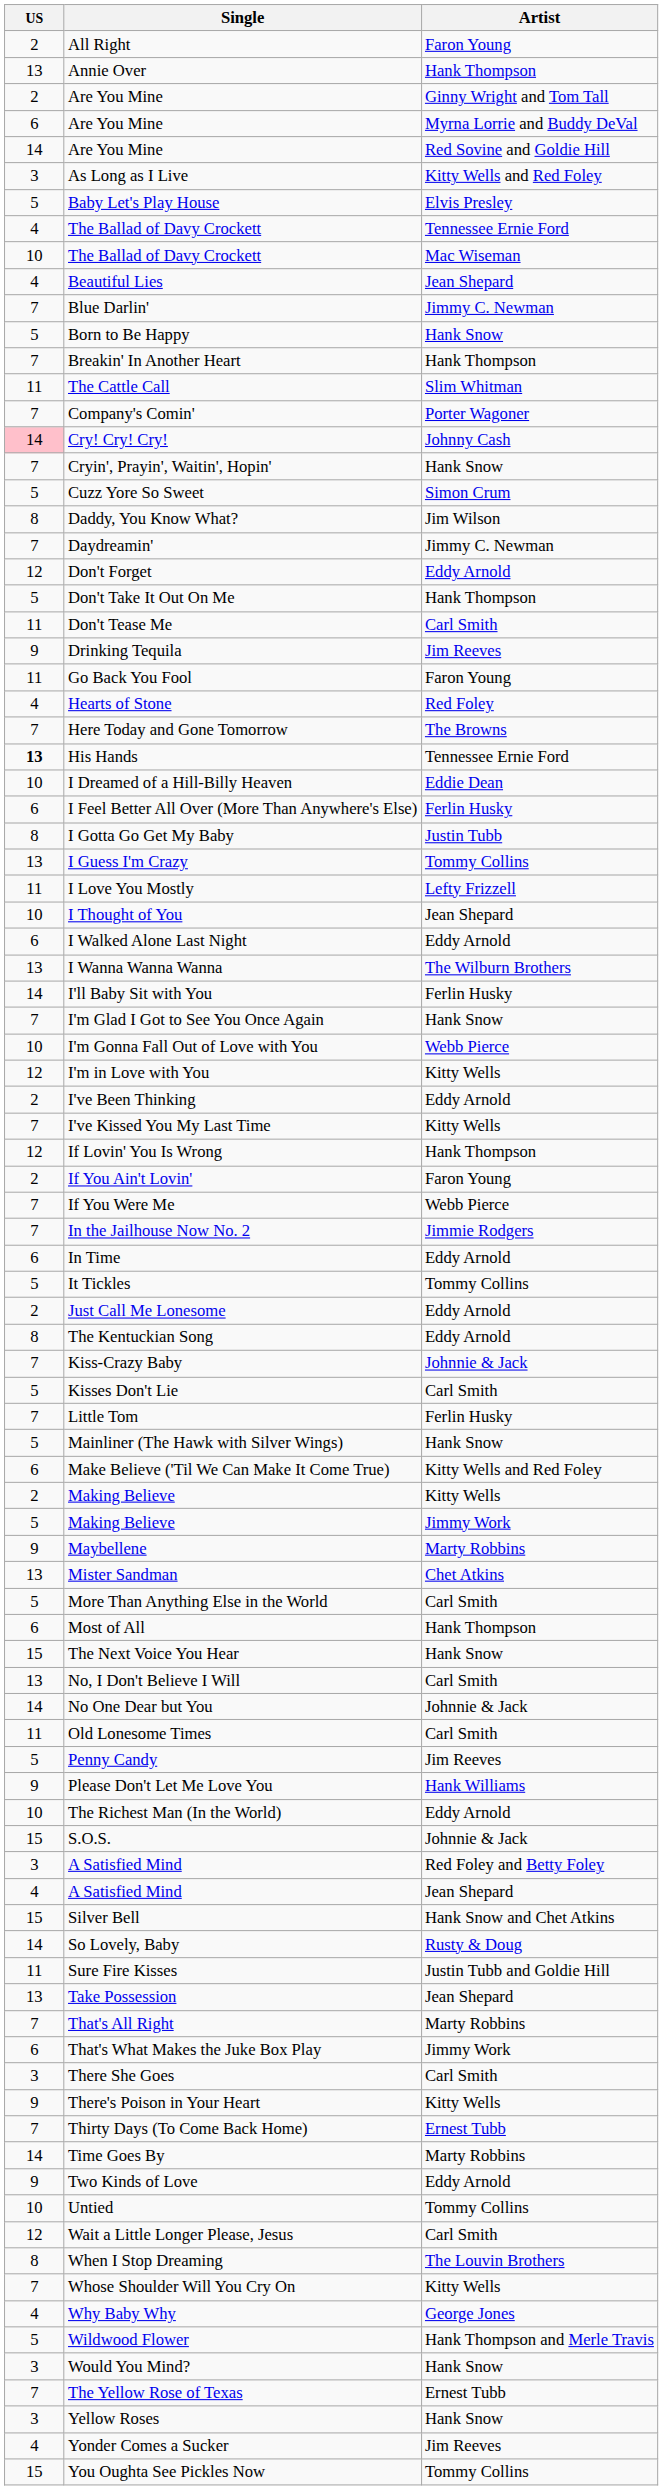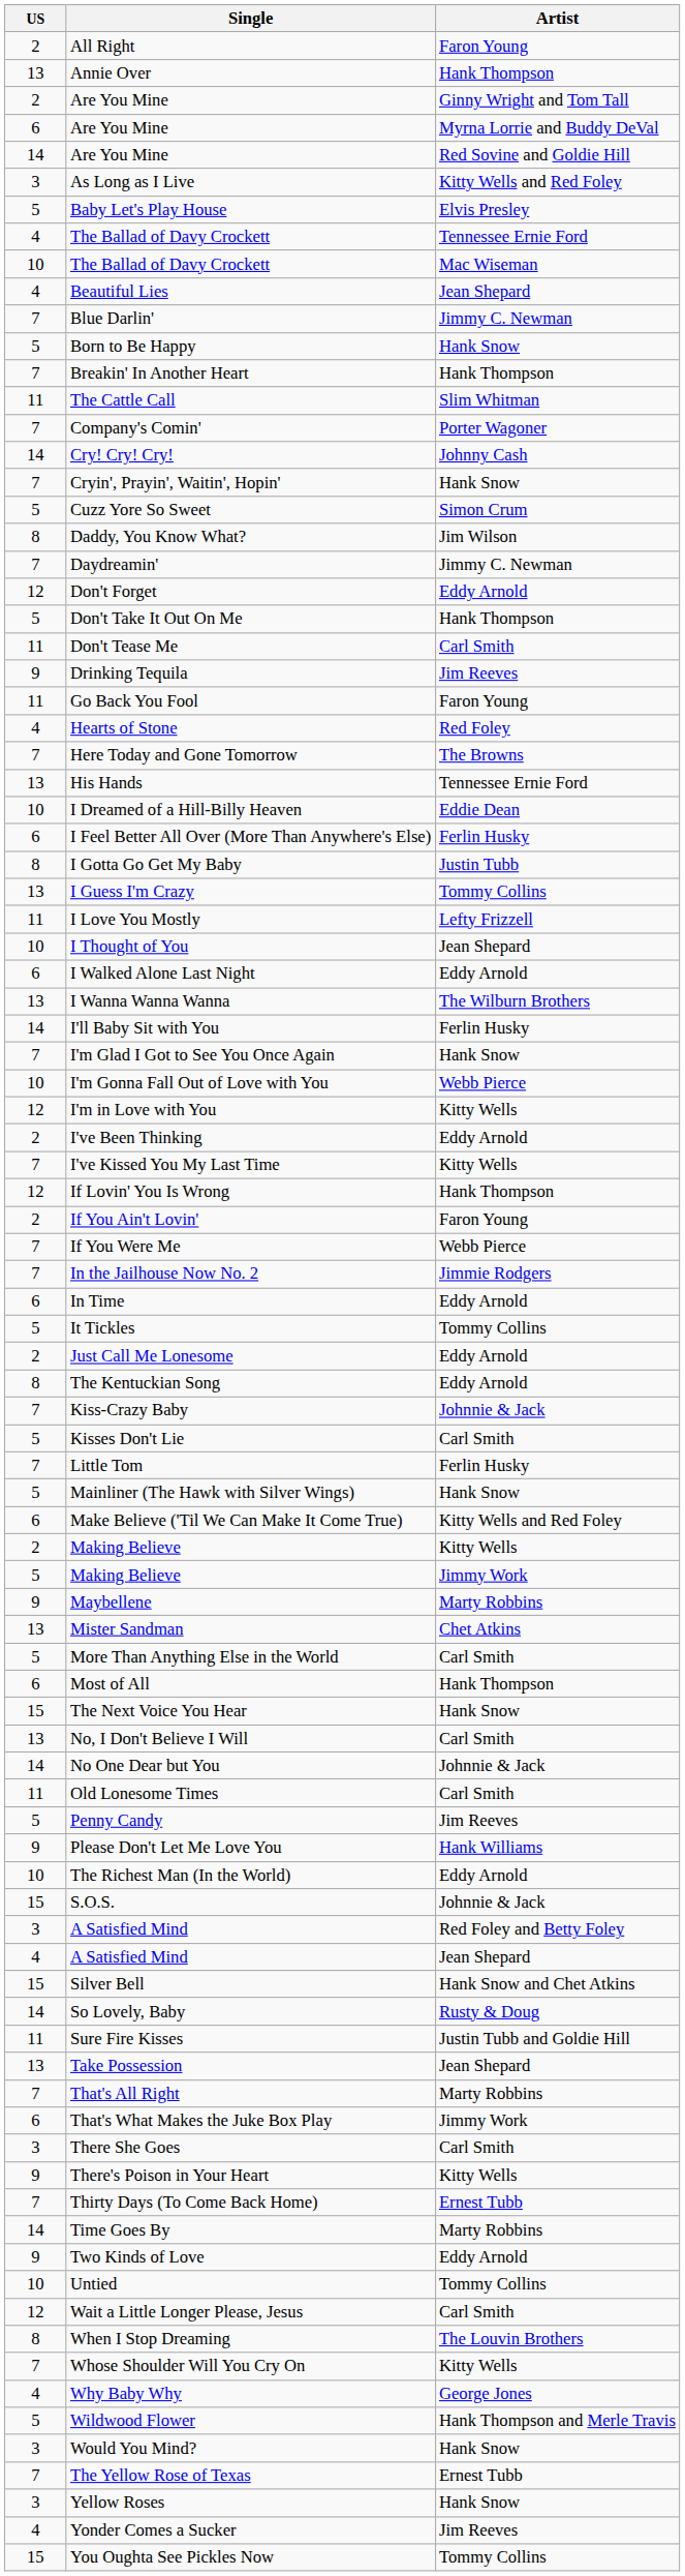 <table class="wikitable sortable">
 <tr>
 <th width="50"><small>US</small></th>
 <th>Single</th>
 <th>Artist</th>
 </tr>
 <tr>
 <td align="center">2</td>
 <td>All Right</td>
 <td><a href='#'>Faron Young</a></td>
 </tr>
 <tr>
 <td align="center">13</td>
 <td>Annie Over</td>
 <td><a href='#'>Hank Thompson</a></td>
 </tr>
 <tr>
 <td align="center">2</td>
 <td>Are You Mine</td>
 <td><a href='#'>Ginny Wright</a> and <a href='#'>Tom Tall</a></td>
 </tr>
 <tr>
 <td align="center">6</td>
 <td>Are You Mine</td>
 <td><a href='#'>Myrna Lorrie</a> and <a href='#'>Buddy DeVal</a></td>
 </tr>
 <tr>
 <td align="center">14</td>
 <td>Are You Mine</td>
 <td><a href='#'>Red Sovine</a> and <a href='#'>Goldie Hill</a></td>
 </tr>
 <tr>
 <td align="center">3</td>
 <td>As Long as I Live</td>
 <td><a href='#'>Kitty Wells</a> and <a href='#'>Red Foley</a></td>
 </tr>
 <tr>
 <td align="center">5</td>
 <td><a href='#'>Baby Let's Play House</a></td>
 <td><a href='#'>Elvis Presley</a></td>
 </tr>
 <tr>
 <td align="center">4</td>
 <td><a href='#'>The Ballad of Davy Crockett</a></td>
 <td><a href='#'>Tennessee Ernie Ford</a></td>
 </tr>
 <tr>
 <td align="center">10</td>
 <td><a href='#'>The Ballad of Davy Crockett</a></td>
 <td><a href='#'>Mac Wiseman</a></td>
 </tr>
 <tr>
 <td align="center">4</td>
 <td><a href='#'>Beautiful Lies</a></td>
 <td><a href='#'>Jean Shepard</a></td>
 </tr>
 <tr>
 <td align="center">7</td>
 <td>Blue Darlin'</td>
 <td><a href='#'>Jimmy C. Newman</a></td>
 </tr>
 <tr>
 <td align="center">5</td>
 <td>Born to Be Happy</td>
 <td><a href='#'>Hank Snow</a></td>
 </tr>
 <tr>
 <td align="center">7</td>
 <td>Breakin' In Another Heart</td>
 <td>Hank Thompson</td>
 </tr>
 <tr>
 <td align="center">11</td>
 <td><a href='#'>The Cattle Call</a></td>
 <td><a href='#'>Slim Whitman</a></td>
 </tr>
 <tr>
 <td align="center">7</td>
 <td>Company's Comin'</td>
 <td><a href='#'>Porter Wagoner</a></td>
 </tr>
 <tr>
-<td align="center" style="background: pink;">14</td>
+<td align="center">14</td>
 <td><a href='#'>Cry! Cry! Cry!</a></td>
 <td><a href='#'>Johnny Cash</a></td>
 </tr>
 <tr>
 <td align="center">7</td>
 <td>Cryin', Prayin', Waitin', Hopin'</td>
 <td>Hank Snow</td>
 </tr>
 <tr>
 <td align="center">5</td>
 <td>Cuzz Yore So Sweet</td>
 <td><a href='#'>Simon Crum</a></td>
 </tr>
 <tr>
 <td align="center">8</td>
 <td>Daddy, You Know What?</td>
 <td>Jim Wilson</td>
 </tr>
 <tr>
 <td align="center">7</td>
 <td>Daydreamin'</td>
 <td>Jimmy C. Newman</td>
 </tr>
 <tr>
 <td align="center">12</td>
 <td>Don't Forget</td>
 <td><a href='#'>Eddy Arnold</a></td>
 </tr>
 <tr>
 <td align="center">5</td>
 <td>Don't Take It Out On Me</td>
 <td>Hank Thompson</td>
 </tr>
 <tr>
 <td align="center">11</td>
 <td>Don't Tease Me</td>
 <td><a href='#'>Carl Smith</a></td>
 </tr>
 <tr>
 <td align="center">9</td>
 <td>Drinking Tequila</td>
 <td><a href='#'>Jim Reeves</a></td>
 </tr>
 <tr>
 <td align="center">11</td>
 <td>Go Back You Fool</td>
 <td>Faron Young</td>
 </tr>
 <tr>
 <td align="center">4</td>
 <td><a href='#'>Hearts of Stone</a></td>
 <td><a href='#'>Red Foley</a></td>
 </tr>
 <tr>
 <td align="center">7</td>
 <td>Here Today and Gone Tomorrow</td>
 <td><a href='#'>The Browns</a></td>
 </tr>
 <tr>
-<td align="center"><strong>13</strong></td>
+<td align="center">13</td>
 <td>His Hands</td>
 <td>Tennessee Ernie Ford</td>
 </tr>
 <tr>
 <td align="center">10</td>
 <td>I Dreamed of a Hill-Billy Heaven</td>
 <td><a href='#'>Eddie Dean</a></td>
 </tr>
 <tr>
 <td align="center">6</td>
 <td>I Feel Better All Over (More Than Anywhere's Else)</td>
 <td><a href='#'>Ferlin Husky</a></td>
 </tr>
 <tr>
 <td align="center">8</td>
 <td>I Gotta Go Get My Baby</td>
 <td><a href='#'>Justin Tubb</a></td>
 </tr>
 <tr>
 <td align="center">13</td>
 <td><a href='#'>I Guess I'm Crazy</a></td>
 <td><a href='#'>Tommy Collins</a></td>
 </tr>
 <tr>
 <td align="center">11</td>
 <td>I Love You Mostly</td>
 <td><a href='#'>Lefty Frizzell</a></td>
 </tr>
 <tr>
 <td align="center">10</td>
 <td><a href='#'>I Thought of You</a></td>
 <td>Jean Shepard</td>
 </tr>
 <tr>
 <td align="center">6</td>
 <td>I Walked Alone Last Night</td>
 <td>Eddy Arnold</td>
 </tr>
 <tr>
 <td align="center">13</td>
 <td>I Wanna Wanna Wanna</td>
 <td><a href='#'>The Wilburn Brothers</a></td>
 </tr>
 <tr>
 <td align="center">14</td>
 <td>I'll Baby Sit with You</td>
 <td>Ferlin Husky</td>
 </tr>
 <tr>
 <td align="center">7</td>
 <td>I'm Glad I Got to See You Once Again</td>
 <td>Hank Snow</td>
 </tr>
 <tr>
 <td align="center">10</td>
 <td>I'm Gonna Fall Out of Love with You</td>
 <td><a href='#'>Webb Pierce</a></td>
 </tr>
 <tr>
 <td align="center">12</td>
 <td>I'm in Love with You</td>
 <td>Kitty Wells</td>
 </tr>
 <tr>
 <td align="center">2</td>
 <td>I've Been Thinking</td>
 <td>Eddy Arnold</td>
 </tr>
 <tr>
 <td align="center">7</td>
 <td>I've Kissed You My Last Time</td>
 <td>Kitty Wells</td>
 </tr>
 <tr>
 <td align="center">12</td>
 <td>If Lovin' You Is Wrong</td>
 <td>Hank Thompson</td>
 </tr>
 <tr>
 <td align="center">2</td>
 <td><a href='#'>If You Ain't Lovin'</a></td>
 <td>Faron Young</td>
 </tr>
 <tr>
 <td align="center">7</td>
 <td>If You Were Me</td>
 <td>Webb Pierce</td>
 </tr>
 <tr>
 <td align="center">7</td>
 <td><a href='#'>In the Jailhouse Now No. 2</a></td>
 <td><a href='#'>Jimmie Rodgers</a></td>
 </tr>
 <tr>
 <td align="center">6</td>
 <td>In Time</td>
 <td>Eddy Arnold</td>
 </tr>
 <tr>
 <td align="center">5</td>
 <td>It Tickles</td>
 <td>Tommy Collins</td>
 </tr>
 <tr>
 <td align="center">2</td>
 <td><a href='#'>Just Call Me Lonesome</a></td>
 <td>Eddy Arnold</td>
 </tr>
 <tr>
 <td align="center">8</td>
 <td>The Kentuckian Song</td>
 <td>Eddy Arnold</td>
 </tr>
 <tr>
 <td align="center">7</td>
 <td>Kiss-Crazy Baby</td>
 <td><a href='#'>Johnnie & Jack</a></td>
 </tr>
 <tr>
 <td align="center">5</td>
 <td>Kisses Don't Lie</td>
 <td>Carl Smith</td>
 </tr>
 <tr>
 <td align="center">7</td>
 <td>Little Tom</td>
 <td>Ferlin Husky</td>
 </tr>
 <tr>
 <td align="center">5</td>
 <td>Mainliner (The Hawk with Silver Wings)</td>
 <td>Hank Snow</td>
 </tr>
 <tr>
 <td align="center">6</td>
 <td>Make Believe ('Til We Can Make It Come True)</td>
 <td>Kitty Wells and Red Foley</td>
 </tr>
 <tr>
 <td align="center">2</td>
 <td><a href='#'>Making Believe</a></td>
 <td>Kitty Wells</td>
 </tr>
 <tr>
 <td align="center">5</td>
 <td><a href='#'>Making Believe</a></td>
 <td><a href='#'>Jimmy Work</a></td>
 </tr>
 <tr>
 <td align="center">9</td>
 <td><a href='#'>Maybellene</a></td>
 <td><a href='#'>Marty Robbins</a></td>
 </tr>
 <tr>
 <td align="center">13</td>
 <td><a href='#'>Mister Sandman</a></td>
 <td><a href='#'>Chet Atkins</a></td>
 </tr>
 <tr>
 <td align="center">5</td>
 <td>More Than Anything Else in the World</td>
 <td>Carl Smith</td>
 </tr>
 <tr>
 <td align="center">6</td>
 <td>Most of All</td>
 <td>Hank Thompson</td>
 </tr>
 <tr>
 <td align="center">15</td>
 <td>The Next Voice You Hear</td>
 <td>Hank Snow</td>
 </tr>
 <tr>
 <td align="center">13</td>
 <td>No, I Don't Believe I Will</td>
 <td>Carl Smith</td>
 </tr>
 <tr>
 <td align="center">14</td>
 <td>No One Dear but You</td>
 <td>Johnnie & Jack</td>
 </tr>
 <tr>
 <td align="center">11</td>
 <td>Old Lonesome Times</td>
 <td>Carl Smith</td>
 </tr>
 <tr>
 <td align="center">5</td>
 <td><a href='#'>Penny Candy</a></td>
 <td>Jim Reeves</td>
 </tr>
 <tr>
 <td align="center">9</td>
 <td>Please Don't Let Me Love You</td>
 <td><a href='#'>Hank Williams</a></td>
 </tr>
 <tr>
 <td align="center">10</td>
 <td>The Richest Man (In the World)</td>
 <td>Eddy Arnold</td>
 </tr>
 <tr>
 <td align="center">15</td>
 <td>S.O.S.</td>
 <td>Johnnie & Jack</td>
 </tr>
 <tr>
 <td align="center">3</td>
 <td><a href='#'>A Satisfied Mind</a></td>
 <td>Red Foley and <a href='#'>Betty Foley</a></td>
 </tr>
 <tr>
 <td align="center">4</td>
 <td><a href='#'>A Satisfied Mind</a></td>
 <td>Jean Shepard</td>
 </tr>
 <tr>
 <td align="center">15</td>
 <td>Silver Bell</td>
 <td>Hank Snow and Chet Atkins</td>
 </tr>
 <tr>
 <td align="center">14</td>
 <td>So Lovely, Baby</td>
 <td><a href='#'>Rusty & Doug</a></td>
 </tr>
 <tr>
 <td align="center">11</td>
 <td>Sure Fire Kisses</td>
 <td>Justin Tubb and Goldie Hill</td>
 </tr>
 <tr>
 <td align="center">13</td>
 <td><a href='#'>Take Possession</a></td>
 <td>Jean Shepard</td>
 </tr>
 <tr>
 <td align="center">7</td>
 <td><a href='#'>That's All Right</a></td>
 <td>Marty Robbins</td>
 </tr>
 <tr>
 <td align="center">6</td>
 <td>That's What Makes the Juke Box Play</td>
 <td>Jimmy Work</td>
 </tr>
 <tr>
 <td align="center">3</td>
 <td>There She Goes</td>
 <td>Carl Smith</td>
 </tr>
 <tr>
 <td align="center">9</td>
 <td>There's Poison in Your Heart</td>
 <td>Kitty Wells</td>
 </tr>
 <tr>
 <td align="center">7</td>
 <td>Thirty Days (To Come Back Home)</td>
 <td><a href='#'>Ernest Tubb</a></td>
 </tr>
 <tr>
 <td align="center">14</td>
 <td>Time Goes By</td>
 <td>Marty Robbins</td>
 </tr>
 <tr>
 <td align="center">9</td>
 <td>Two Kinds of Love</td>
 <td>Eddy Arnold</td>
 </tr>
 <tr>
 <td align="center">10</td>
 <td>Untied</td>
 <td>Tommy Collins</td>
 </tr>
 <tr>
 <td align="center">12</td>
 <td>Wait a Little Longer Please, Jesus</td>
 <td>Carl Smith</td>
 </tr>
 <tr>
 <td align="center">8</td>
 <td>When I Stop Dreaming</td>
 <td><a href='#'>The Louvin Brothers</a></td>
 </tr>
 <tr>
 <td align="center">7</td>
 <td>Whose Shoulder Will You Cry On</td>
 <td>Kitty Wells</td>
 </tr>
 <tr>
 <td align="center">4</td>
 <td><a href='#'>Why Baby Why</a></td>
 <td><a href='#'>George Jones</a></td>
 </tr>
 <tr>
 <td align="center">5</td>
 <td><a href='#'>Wildwood Flower</a></td>
 <td>Hank Thompson and <a href='#'>Merle Travis</a></td>
 </tr>
 <tr>
 <td align="center">3</td>
 <td>Would You Mind?</td>
 <td>Hank Snow</td>
 </tr>
 <tr>
 <td align="center">7</td>
 <td><a href='#'>The Yellow Rose of Texas</a></td>
 <td>Ernest Tubb</td>
 </tr>
 <tr>
 <td align="center">3</td>
 <td>Yellow Roses</td>
 <td>Hank Snow</td>
 </tr>
 <tr>
 <td align="center">4</td>
 <td>Yonder Comes a Sucker</td>
 <td>Jim Reeves</td>
 </tr>
 <tr>
 <td align="center">15</td>
 <td>You Oughta See Pickles Now</td>
 <td>Tommy Collins</td>
 </tr>
 </table>
